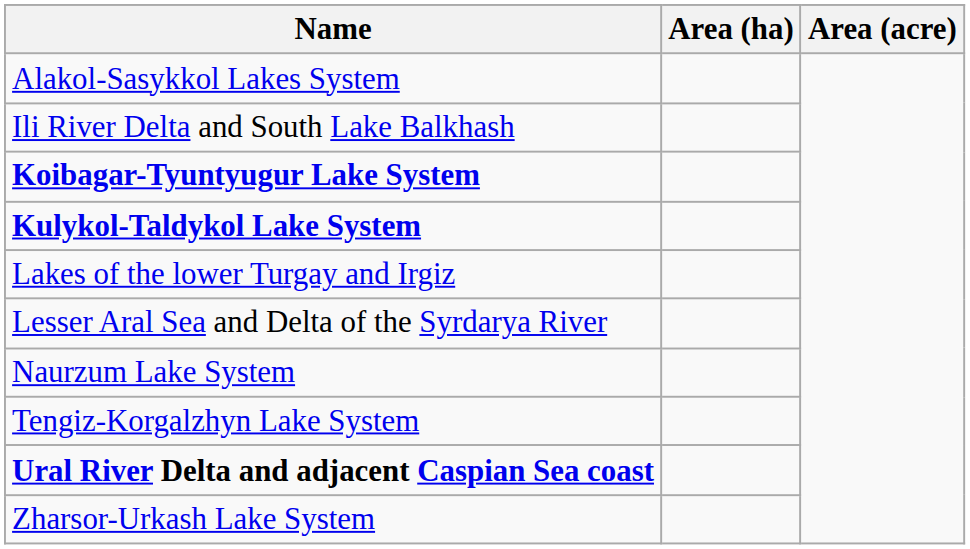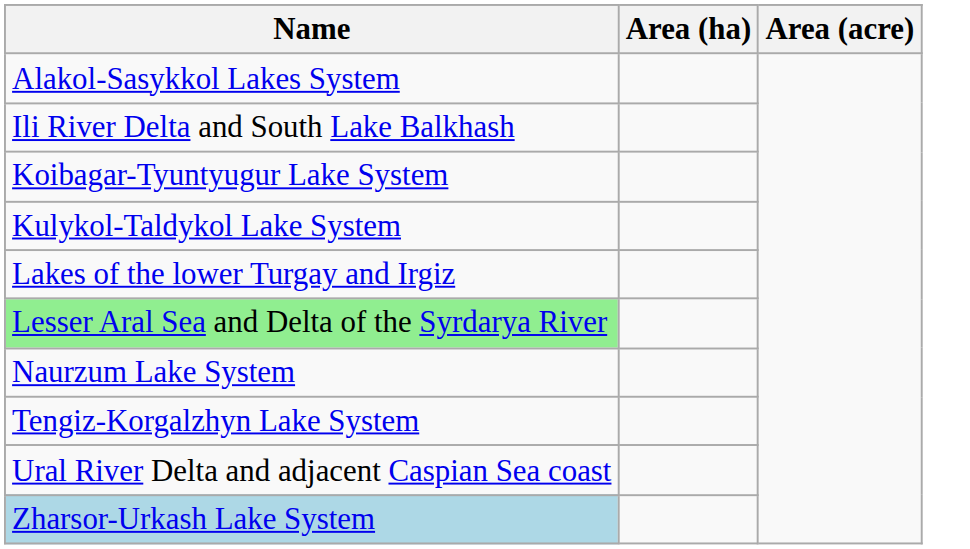 <table class="wikitable sortable">
 <tr>
 <th scope="col" align=left>Name</th>
 <th scope="col">Area (ha)</th>
 <th scope="col">Area (acre)</th>
 </tr>
 <tr ---->
 <td><a href='#'>Alakol-Sasykkol Lakes System</a></td>
 <td></td>
 </tr>
 <tr ---->
 <td><a href='#'>Ili River Delta</a> and South <a href='#'>Lake Balkhash</a></td>
 <td></td>
 </tr>
 <tr ---->
-<td><strong><a href='#'>Koibagar-Tyuntyugur Lake System</a></strong></td>
+<td><a href='#'>Koibagar-Tyuntyugur Lake System</a></td>
 <td></td>
 </tr>
 <tr ---->
-<td><strong><a href='#'>Kulykol-Taldykol Lake System</a></strong></td>
+<td><a href='#'>Kulykol-Taldykol Lake System</a></td>
 <td></td>
 </tr>
 <tr ---->
 <td><a href='#'>Lakes of the lower Turgay and Irgiz</a></td>
 <td></td>
 </tr>
 <tr ---->
-<td><a href='#'>Lesser Aral Sea</a> and Delta of the <a href='#'>Syrdarya River</a></td>
+<td style="background: lightgreen;"><a href='#'>Lesser Aral Sea</a> and Delta of the <a href='#'>Syrdarya River</a></td>
 <td></td>
 </tr>
 <tr ---->
 <td><a href='#'>Naurzum Lake System</a></td>
 <td></td>
 </tr>
 <tr ---->
 <td><a href='#'>Tengiz-Korgalzhyn Lake System</a></td>
 <td></td>
 </tr>
 <tr ---->
-<td><strong><a href='#'>Ural River</a> Delta and adjacent <a href='#'>Caspian Sea coast</a></strong></td>
+<td><a href='#'>Ural River</a> Delta and adjacent <a href='#'>Caspian Sea coast</a></td>
 <td></td>
 </tr>
 <tr ---->
-<td><a href='#'>Zharsor-Urkash Lake System</a></td>
+<td style="background: lightblue;"><a href='#'>Zharsor-Urkash Lake System</a></td>
 <td></td>
 </tr>
 </table>
